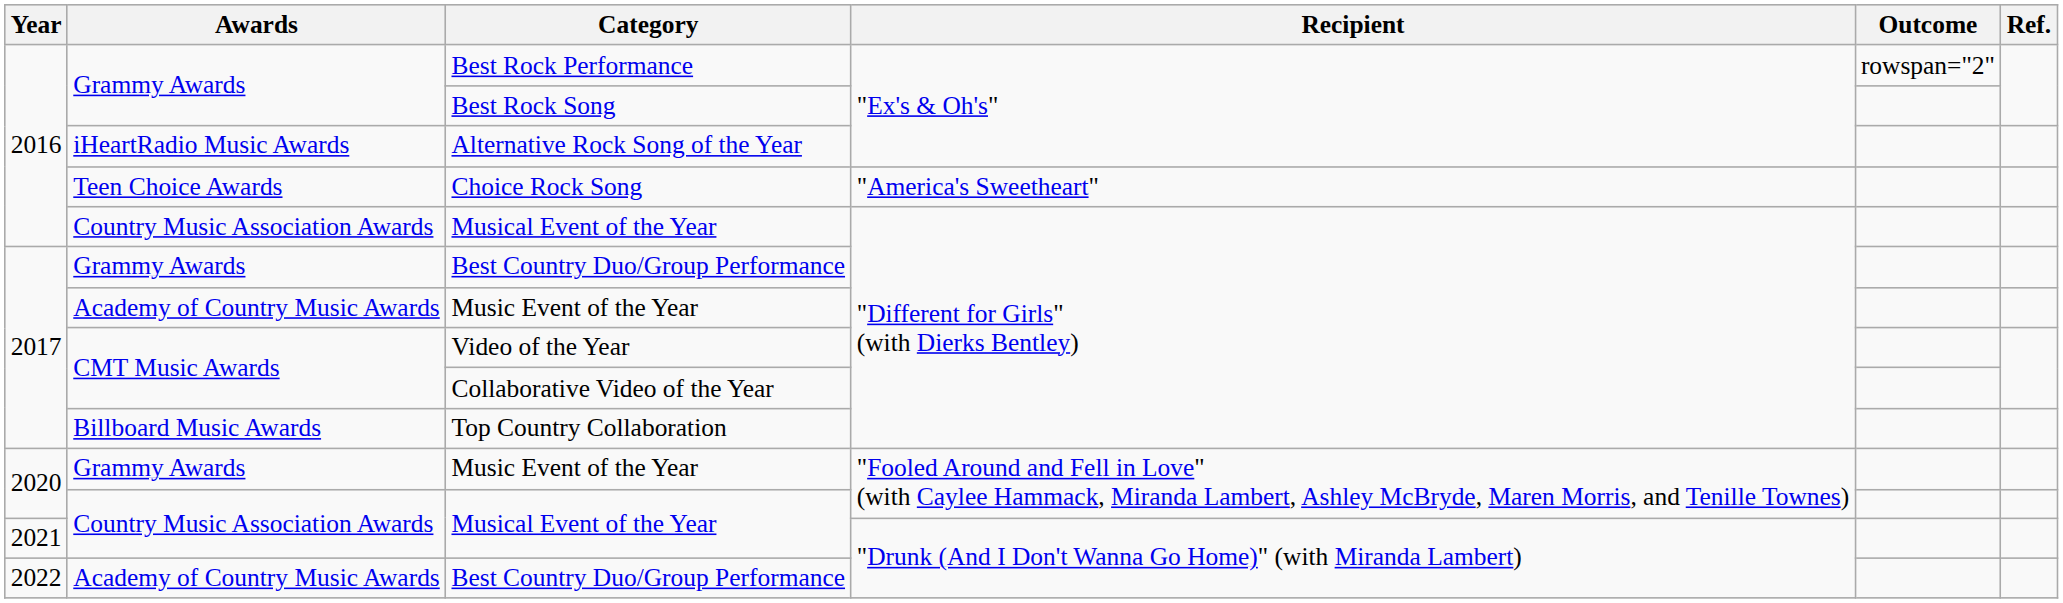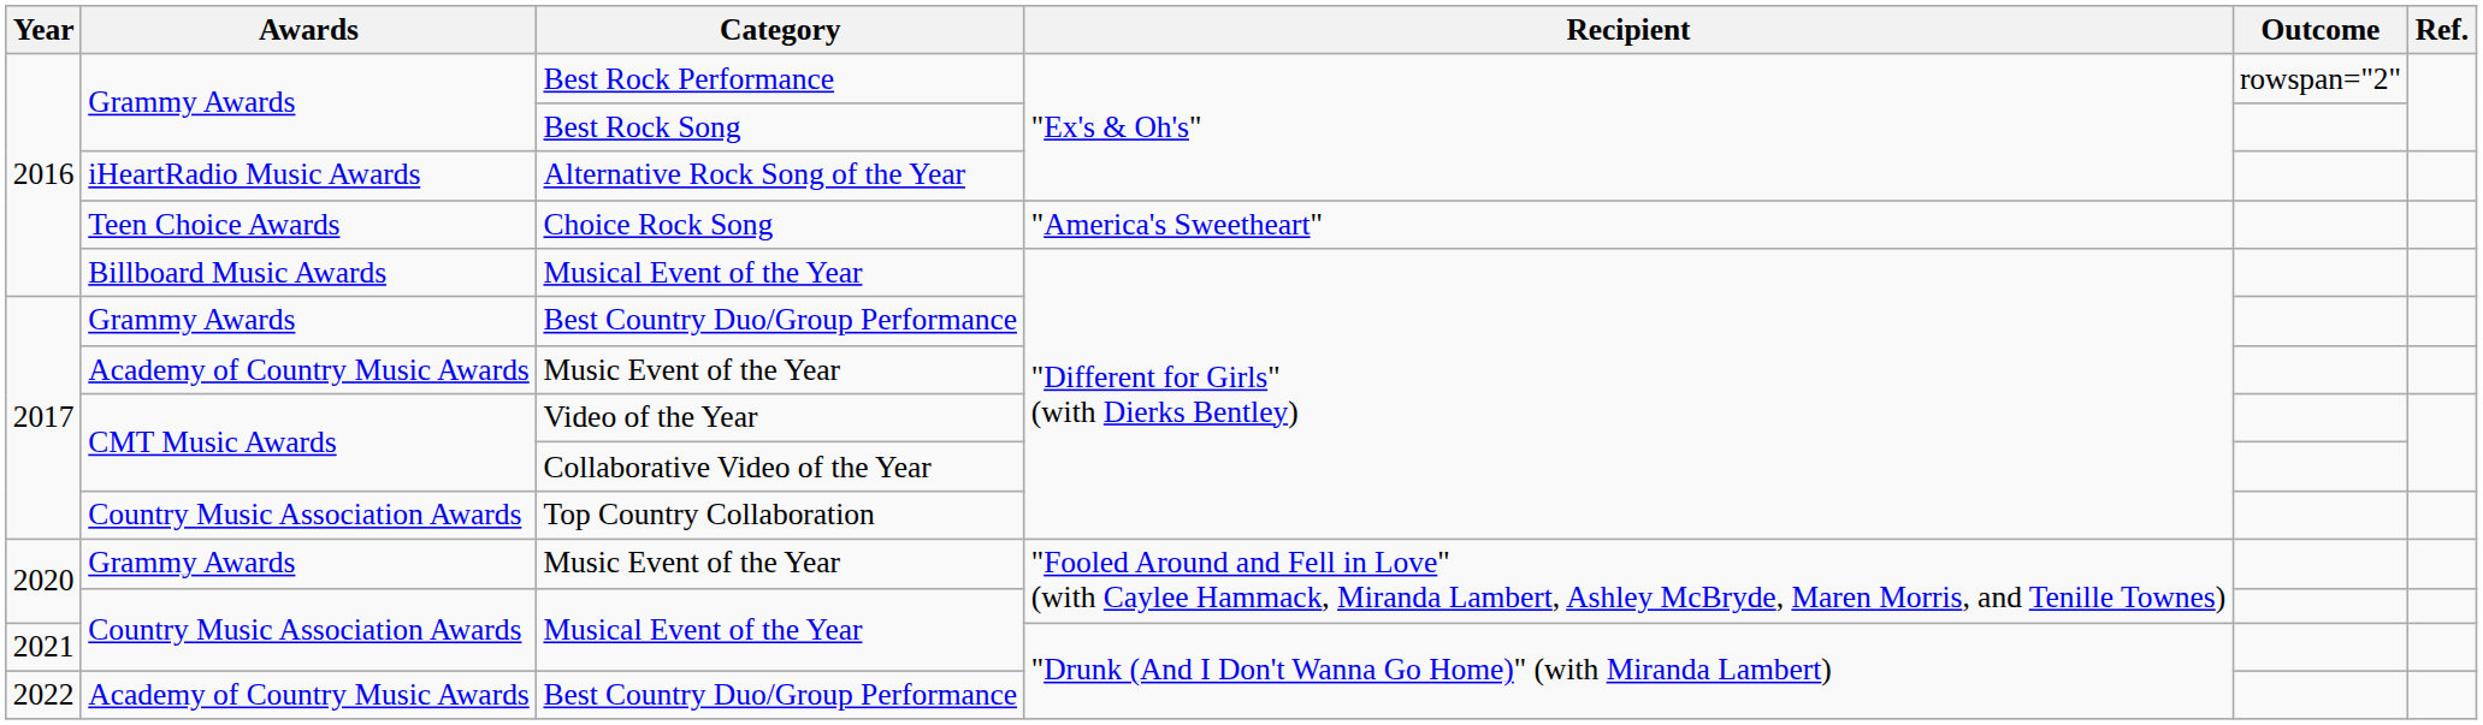 <table class="wikitable sortable">
 <tr>
 <th>Year</th>
 <th>Awards</th>
 <th>Category</th>
 <th>Recipient</th>
 <th>Outcome</th>
 <th>Ref.</th>
 </tr>
 <tr>
 <td rowspan="5">2016</td>
 <td rowspan="2"><a href='#'>Grammy Awards</a></td>
 <td><a href='#'>Best Rock Performance</a></td>
 <td rowspan="3">"<a href='#'>Ex's & Oh's</a>"</td>
 <td>rowspan="2" </td>
 <td rowspan="2"></td>
 </tr>
 <tr>
 <td><a href='#'>Best Rock Song</a></td>
 </tr>
 <tr>
 <td><a href='#'>iHeartRadio Music Awards</a></td>
 <td><a href='#'>Alternative Rock Song of the Year</a></td>
 <td></td>
 <td></td>
 </tr>
 <tr>
 <td><a href='#'>Teen Choice Awards</a></td>
 <td><a href='#'>Choice Rock Song</a></td>
 <td>"<a href='#'>America's Sweetheart</a>"</td>
 <td></td>
 <td></td>
 </tr>
 <tr>
-<td rowspan="1"><a href='#'>Country Music Association Awards</a></td>
+<td><a href='#'>Billboard Music Awards</a></td>
 <td><a href='#'>Musical Event of the Year</a></td>
 <td rowspan="6">"<a href='#'>Different for Girls</a>"<br>(with <a href='#'>Dierks Bentley</a>)</td>
 <td></td>
 <td></td>
 </tr>
 <tr>
 <td rowspan=5>2017</td>
 <td rowspan="1"><a href='#'>Grammy Awards</a></td>
 <td><a href='#'>Best Country Duo/Group Performance</a></td>
 <td></td>
 <td></td>
 </tr>
 <tr>
 <td><a href='#'>Academy of Country Music Awards</a></td>
 <td>Music Event of the Year</td>
 <td></td>
 <td></td>
 </tr>
 <tr>
 <td rowspan=2><a href='#'>CMT Music Awards</a></td>
 <td>Video of the Year</td>
 <td></td>
 <td rowspan=2></td>
 </tr>
 <tr>
 <td>Collaborative Video of the Year</td>
 <td></td>
 </tr>
 <tr>
-<td><a href='#'>Billboard Music Awards</a></td>
+<td rowspan="1"><a href='#'>Country Music Association Awards</a></td>
 <td>Top Country Collaboration</td>
 <td></td>
 <td></td>
 </tr>
 <tr>
 <td rowspan=2>2020</td>
 <td><a href='#'>Grammy Awards</a></td>
 <td>Music Event of the Year</td>
 <td rowspan=2>"<a href='#'>Fooled Around and Fell in Love</a>"<br>(with <a href='#'>Caylee Hammack</a>, <a href='#'>Miranda Lambert</a>, <a href='#'>Ashley McBryde</a>, <a href='#'>Maren Morris</a>, and <a href='#'>Tenille Townes</a>)</td>
 <td></td>
 <td></td>
 </tr>
 <tr>
 <td rowspan=2><a href='#'>Country Music Association Awards</a></td>
 <td rowspan=2><a href='#'>Musical Event of the Year</a></td>
 <td></td>
 <td></td>
 </tr>
 <tr>
 <td>2021</td>
 <td rowspan=2>"<a href='#'>Drunk (And I Don't Wanna Go Home)</a>" (with <a href='#'>Miranda Lambert</a>)</td>
 <td></td>
 <td></td>
 </tr>
 <tr>
 <td>2022</td>
 <td><a href='#'>Academy of Country Music Awards</a></td>
 <td><a href='#'>Best Country Duo/Group Performance</a></td>
 <td></td>
 <td></td>
 </tr>
 </table>
